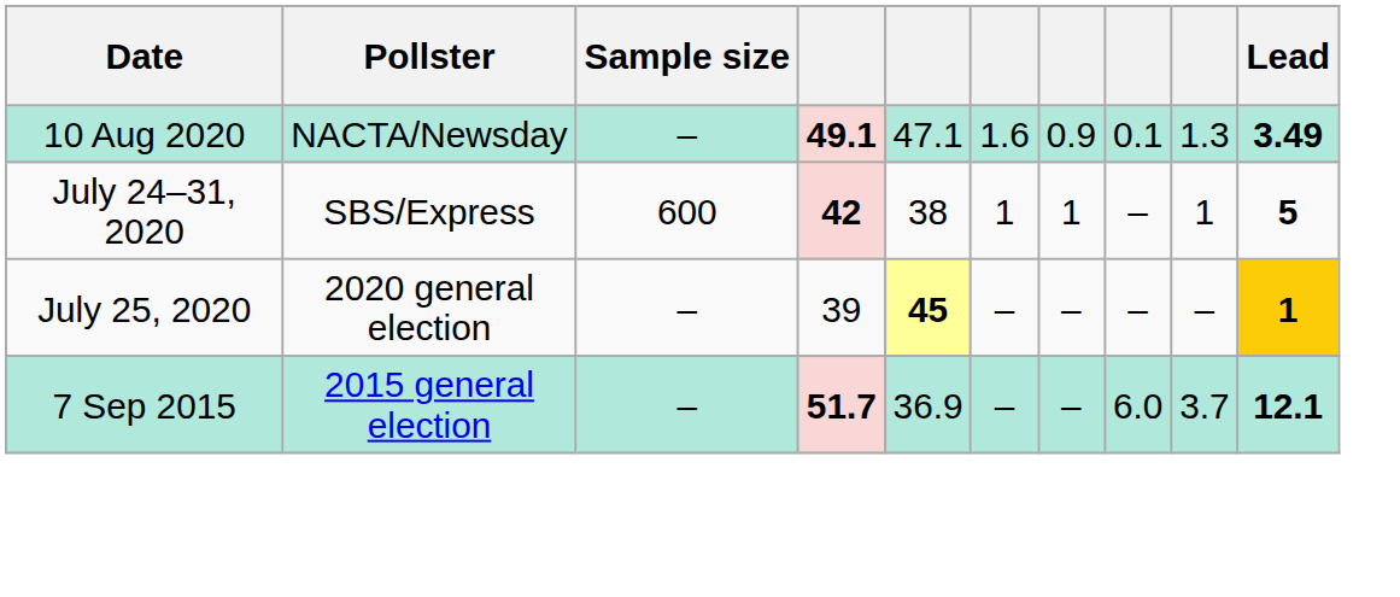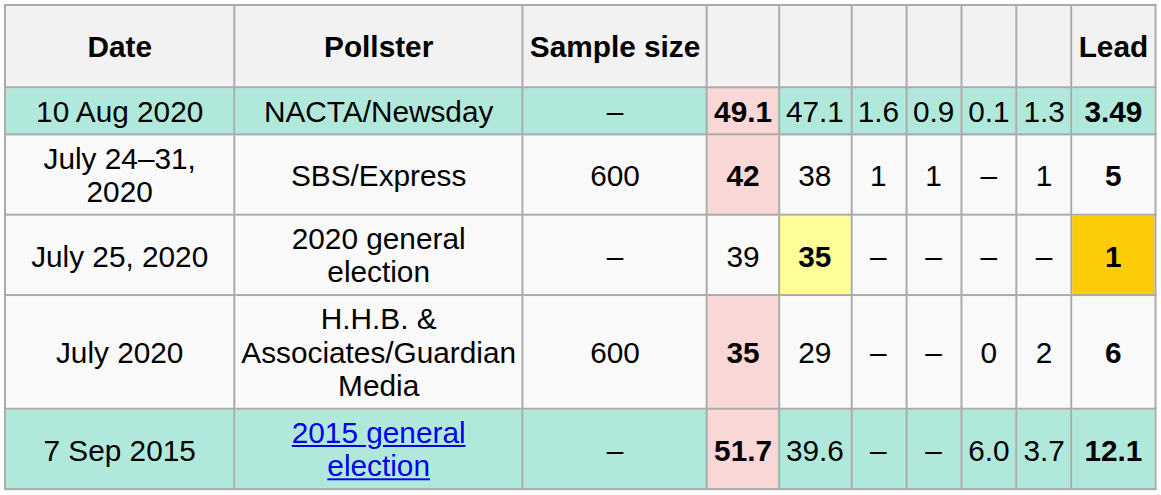 <table class="wikitable sortable collapsible" style="text-align:center;font-size:95%;">
 <tr style="height:42px;">
 <th style="width:110px;">Date</th>
 <th style="width:110px;">Pollster</th>
 <th data-sort-type="number">Sample size</th>
 <th class="unsortable" style="background:"><a href='#'></a></th>
 <th class="unsortable" style="background:"><a href='#'></a></th>
 <th class="unsortable" style="background:"></th>
 <th class="unsortable" style="background:"></th>
 <th class="unsortable" style="background:"></th>
 <th class="unsortable" style="background:"></th>
 <th>Lead</th>
 </tr>
 <tr style="background:#b0e9db;">
 <td>10 Aug 2020</td>
 <td>NACTA/Newsday</td>
 <td>–</td>
 <td style="background:#F8D7D6;"><strong>49.1</strong></td>
 <td>47.1</td>
 <td>1.6</td>
 <td>0.9</td>
 <td>0.1</td>
 <td>1.3</td>
 <td style="background:"><strong>3.49</strong></td>
 </tr>
 <tr>
 <td>July 24–31, 2020</td>
 <td>SBS/Express</td>
 <td>600</td>
 <td style="background:#F8D7D6;"><strong>42</strong></td>
 <td>38</td>
 <td>1</td>
 <td>1</td>
 <td>–</td>
 <td>1</td>
 <td style="background:"><strong>5</strong></td>
 </tr>
 <tr>
 <td>July 25, 2020</td>
 <td>2020 general election</td>
 <td>–</td>
 <td>39</td>
-<td style="background:#ffff99;"><strong>45</strong></td>
+<td style="background:#ffff99;"><strong>35</strong></td>
 <td>–</td>
 <td>–</td>
 <td>–</td>
 <td>–</td>
 <td style="background:#FCCC08;"><strong>1</strong></td>
 </tr>
+<tr>
+<td data-sort-value="2019-08-25">July 2020</td>
+<td>H.H.B. & Associates/Guardian Media</td>
+<td>600</td>
+<td style="background:#F8D7D6;"><strong>35</strong></td>
+<td>29</td>
+<td>–</td>
+<td>–</td>
+<td>0</td>
+<td>2</td>
+<td style="background:"><strong>6</strong></td>
+</tr>
 <tr style="background:#b0e9db;">
 <td data-sort-value="2015-09-07">7 Sep 2015</td>
 <td><a href='#'>2015 general election</a></td>
 <td>–</td>
 <td style="background:#F8D7D6;"><strong>51.7</strong></td>
-<td>36.9</td>
+<td>39.6</td>
 <td>–</td>
 <td>–</td>
 <td>6.0</td>
 <td>3.7</td>
 <td style="background:"><strong>12.1</strong></td>
 </tr>
 </table>
